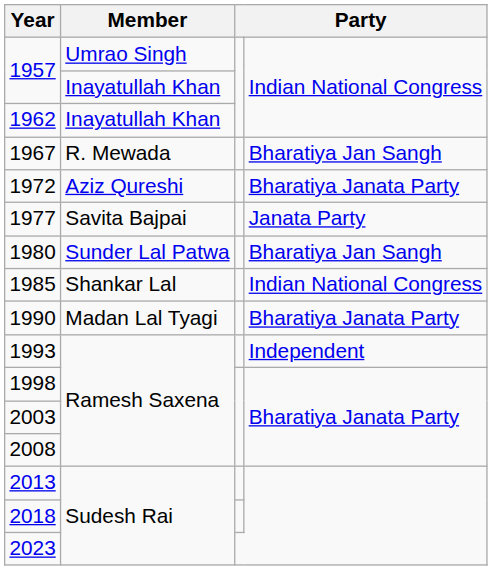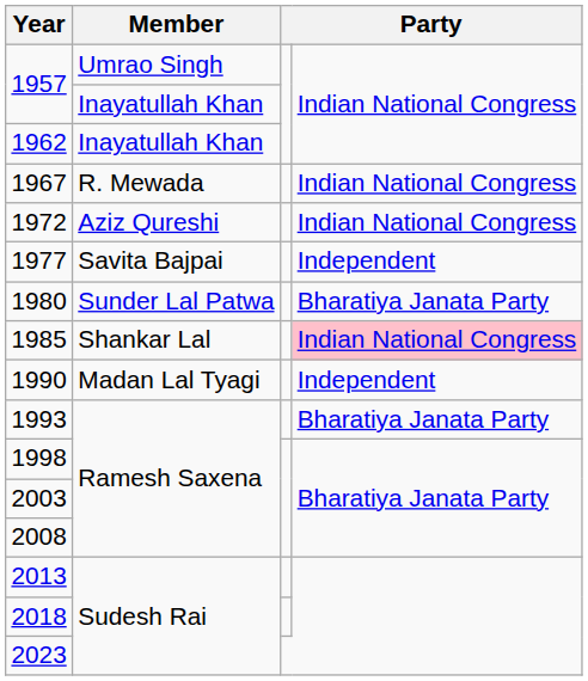 <table class="wikitable sortable">
 <tr>
 <th>Year</th>
 <th>Member</th>
 <th colspan="2">Party</th>
 </tr>
 <tr>
 <td rowspan=2><a href='#'>1957</a></td>
 <td><a href='#'>Umrao Singh</a></td>
 <td rowspan=3 style="background-color: "></td>
 <td rowspan=3><a href='#'>Indian National Congress</a></td>
 </tr>
 <tr>
 <td><a href='#'>Inayatullah Khan</a></td>
 </tr>
 <tr>
 <td><a href='#'>1962</a></td>
 <td><a href='#'>Inayatullah Khan</a></td>
 </tr>
 <tr>
 <td>1967</td>
 <td>R. Mewada</td>
 <td style="background-color: "></td>
-<td><a href='#'>Bharatiya Jan Sangh</a></td>
+<td><a href='#'>Indian National Congress</a></td>
 </tr>
 <tr>
 <td>1972</td>
 <td><a href='#'>Aziz Qureshi</a></td>
 <td style="background-color: "></td>
-<td><a href='#'>Bharatiya Janata Party</a></td>
+<td><a href='#'>Indian National Congress</a></td>
 </tr>
 <tr>
 <td>1977</td>
 <td>Savita Bajpai</td>
 <td style="background-color: "></td>
-<td><a href='#'>Janata Party</a></td>
+<td><a href='#'>Independent</a></td>
 </tr>
 <tr>
 <td>1980</td>
 <td><a href='#'>Sunder Lal Patwa</a></td>
 <td style="background-color: "></td>
-<td><a href='#'>Bharatiya Jan Sangh</a></td>
+<td><a href='#'>Bharatiya Janata Party</a></td>
 </tr>
 <tr>
 <td>1985</td>
 <td>Shankar Lal</td>
 <td style="background-color: "></td>
-<td><a href='#'>Indian National Congress</a></td>
+<td style="background: pink;"><a href='#'>Indian National Congress</a></td>
 </tr>
 <tr>
 <td>1990</td>
 <td>Madan Lal Tyagi</td>
 <td style="background-color: "></td>
-<td><a href='#'>Bharatiya Janata Party</a></td>
+<td><a href='#'>Independent</a></td>
 </tr>
 <tr>
 <td>1993</td>
 <td rowspan=4>Ramesh Saxena</td>
 <td style="background-color: "></td>
-<td><a href='#'>Independent</a></td>
+<td><a href='#'>Bharatiya Janata Party</a></td>
 </tr>
 <tr>
 <td>1998</td>
 <td rowspan=3 style="background-color: "></td>
 <td rowspan=3><a href='#'>Bharatiya Janata Party</a></td>
 </tr>
 <tr>
 <td>2003</td>
 </tr>
 <tr>
 <td>2008</td>
 </tr>
 <tr>
 <td><a href='#'>2013</a></td>
 <td rowspan=3>Sudesh Rai</td>
 <td></td>
 </tr>
 <tr>
 <td><a href='#'>2018</a></td>
 <td></td>
 </tr>
 <tr>
 <td><a href='#'>2023</a></td>
 </tr>
 </table>
